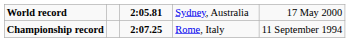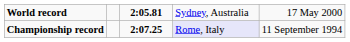 <table class="wikitable">
 <tr>
 <td><strong>World record</strong></td>
 <td style="padding-right:1em"></td>
 <td style="text-align:center;padding-left:1em; padding-right:1em;"><strong>2:05.81</strong></td>
 <td style="padding-right:1em"><a href='#'>Sydney</a>, Australia</td>
 <td align=right>17 May 2000</td>
 </tr>
 <tr>
 <td><strong>Championship record</strong></td>
 <td style="padding-right:1em"></td>
 <td style="text-align:center;padding-left:1em; padding-right:1em;"><strong>2:07.25</strong></td>
-<td style="padding-right:1em"><a href='#'>Rome</a>, Italy</td>
+<td style="background: lavender; padding-right:1em"><a href='#'>Rome</a>, Italy</td>
 <td align=right>11 September 1994</td>
 </tr>
 </table>
